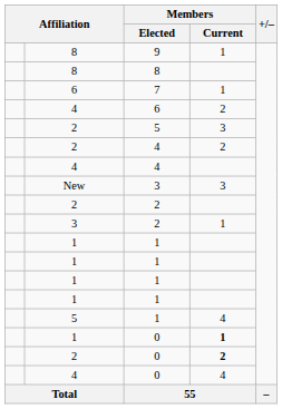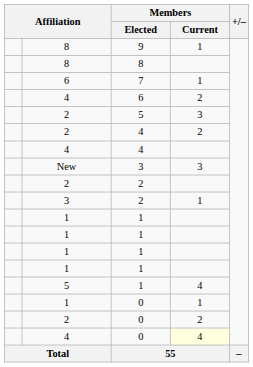 <table class="wikitable" border="1" style="font-size: 95%; text-align: center;">
 <tr>
 <th colspan="2" rowspan="2" class=unsortable style="text-align: center; vertical-align: middle; width: 150px;">Affiliation</th>
 <th colspan="2" style="vertical-align: top;">Members</th>
 <th rowspan="2">+/–</th>
 </tr>
 <tr>
 <th data-sort-type=number style="width: 80px;">Elected</th>
 <th style="width: 80px;">Current</th>
 </tr>
 <tr>
 <td></td>
 <td>8</td>
 <td>9</td>
 <td>1</td>
 </tr>
 <tr>
 <td></td>
 <td>8</td>
 <td>8</td>
 <td></td>
 </tr>
 <tr>
 <td></td>
 <td>6</td>
 <td>7</td>
 <td>1</td>
 </tr>
 <tr>
 <td></td>
 <td>4</td>
 <td>6</td>
 <td>2</td>
 </tr>
 <tr>
 <td></td>
 <td>2</td>
 <td>5</td>
 <td>3</td>
 </tr>
 <tr>
 <td></td>
 <td>2</td>
 <td>4</td>
 <td>2</td>
 </tr>
 <tr>
 <td></td>
 <td>4</td>
 <td>4</td>
 <td></td>
 </tr>
 <tr>
 <td></td>
 <td>New</td>
 <td>3</td>
 <td><strong></strong>3</td>
 </tr>
 <tr>
 <td></td>
 <td>2</td>
 <td>2</td>
 <td></td>
 </tr>
 <tr>
 <td></td>
 <td>3</td>
 <td>2</td>
 <td>1</td>
 </tr>
 <tr>
 <td></td>
 <td>1</td>
 <td>1</td>
 <td></td>
 </tr>
 <tr>
 <td></td>
 <td>1</td>
 <td>1</td>
 <td></td>
 </tr>
 <tr>
 <td></td>
 <td>1</td>
 <td>1</td>
 <td></td>
 </tr>
 <tr>
 <td></td>
 <td>1</td>
 <td>1</td>
 <td></td>
 </tr>
 <tr>
 <td></td>
 <td>5</td>
 <td>1</td>
 <td>4</td>
 </tr>
 <tr>
 <td></td>
 <td>1</td>
 <td>0</td>
-<td><strong>1</strong></td>
+<td>1</td>
 </tr>
 <tr>
 <td></td>
 <td>2</td>
 <td>0</td>
-<td><strong>2</strong></td>
+<td>2</td>
 </tr>
 <tr>
 <td></td>
 <td>4</td>
 <td>0</td>
-<td>4</td>
+<td style="background: lightyellow;">4</td>
 </tr>
 <tr>
 <th colspan="2">Total</th>
 <th colspan="2">55</th>
 <th>–</th>
 </tr>
 </table>
